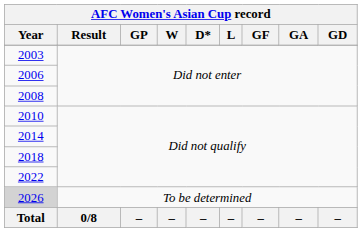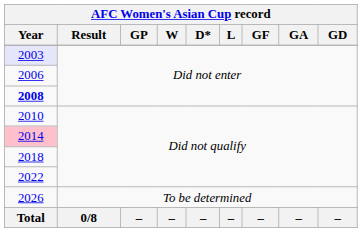 <table class="wikitable" style="text-align: center; width:50%;">
 <tr>
 <th colspan=9><a href='#'>AFC Women's Asian Cup</a> record</th>
 </tr>
 <tr>
 <th>Year</th>
 <th>Result</th>
 <th>GP</th>
 <th>W</th>
 <th>D*</th>
 <th>L</th>
 <th>GF</th>
 <th>GA</th>
 <th>GD</th>
 </tr>
 <tr>
 </tr>
 <tr>
-<td> <a href='#'>2003</a></td>
+<td style="background: lavender;"> <a href='#'>2003</a></td>
 <td colspan="8" rowspan="3"><em>Did not enter</em></td>
 </tr>
 <tr>
 <td> <a href='#'>2006</a></td>
 </tr>
 <tr>
-<td> <a href='#'>2008</a></td>
+<td><strong> <a href='#'>2008</a></strong></td>
 </tr>
 <tr>
 <td> <a href='#'>2010</a></td>
 <td colspan="8" rowspan="4"><em>Did not qualify</em></td>
 </tr>
 <tr>
-<td> <a href='#'>2014</a></td>
+<td style="background: pink;"> <a href='#'>2014</a></td>
 </tr>
 <tr>
 <td> <a href='#'>2018</a></td>
 </tr>
 <tr>
 <td> <a href='#'>2022</a></td>
 </tr>
 <tr>
-<td style="background: lightgrey;"> <a href='#'>2026</a></td>
+<td> <a href='#'>2026</a></td>
 <td colspan="8"><em>To be determined</em></td>
 </tr>
 <tr>
 <th>Total</th>
 <th>0/8</th>
 <th>–</th>
 <th>–</th>
 <th>–</th>
 <th>–</th>
 <th>–</th>
 <th>–</th>
 <th>–</th>
 </tr>
 </table>
